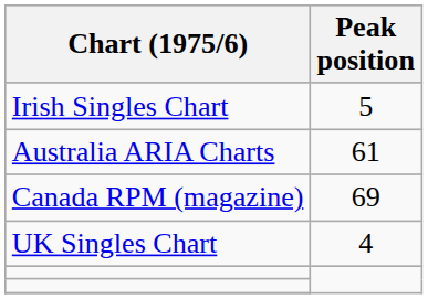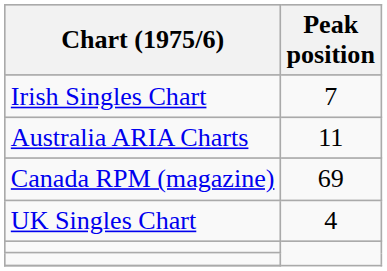 <table class="wikitable sortable">
 <tr>
 <th align="left">Chart (1975/6)</th>
 <th align="center">Peak<br>position</th>
 </tr>
 <tr>
 <td align="left"><a href='#'>Irish Singles Chart</a></td>
-<td align="center">5</td>
+<td align="center">7</td>
 </tr>
 <tr>
 <td align="left"><a href='#'>Australia ARIA Charts</a></td>
-<td align="center">61</td>
+<td align="center">11</td>
 </tr>
 <tr>
 <td align="left"><a href='#'>Canada RPM (magazine)</a></td>
 <td align="center">69</td>
 </tr>
 <tr>
 <td align="left"><a href='#'>UK Singles Chart</a></td>
 <td align="center">4</td>
 </tr>
 <tr>
 <td></td>
 </tr>
 <tr>
 <td></td>
 </tr>
 <tr>
 </tr>
 </table>
